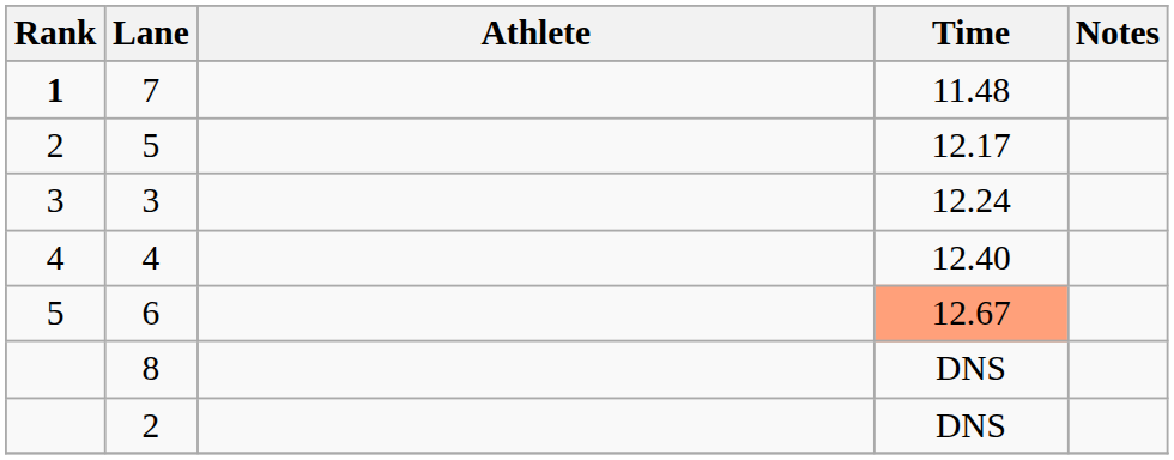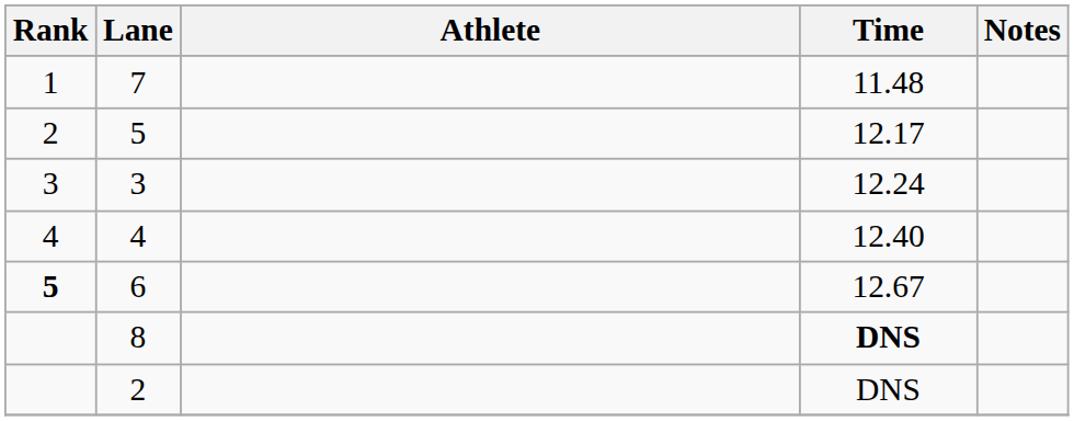 <table class="wikitable" style="text-align:center">
 <tr>
 <th>Rank</th>
 <th>Lane</th>
 <th width=300>Athlete</th>
 <th width=80>Time</th>
 <th>Notes</th>
 </tr>
 <tr>
-<td><strong>1</strong></td>
+<td>1</td>
 <td>7</td>
 <td align=left></td>
 <td>11.48</td>
 <td></td>
 </tr>
 <tr>
 <td>2</td>
 <td>5</td>
 <td align=left></td>
 <td>12.17</td>
 <td></td>
 </tr>
 <tr>
 <td>3</td>
 <td>3</td>
 <td align=left></td>
 <td>12.24</td>
 <td></td>
 </tr>
 <tr>
 <td>4</td>
 <td>4</td>
 <td align=left></td>
 <td>12.40</td>
 <td></td>
 </tr>
 <tr>
-<td>5</td>
+<td><strong>5</strong></td>
 <td>6</td>
 <td align=left></td>
-<td style="background: lightsalmon;">12.67</td>
+<td>12.67</td>
 <td></td>
 </tr>
 <tr>
 <td></td>
 <td>8</td>
 <td align=left></td>
-<td>DNS</td>
+<td><strong>DNS</strong></td>
 <td></td>
 </tr>
 <tr>
 <td></td>
 <td>2</td>
 <td align=left></td>
 <td>DNS</td>
 <td></td>
 </tr>
 <tr>
 </tr>
 </table>
